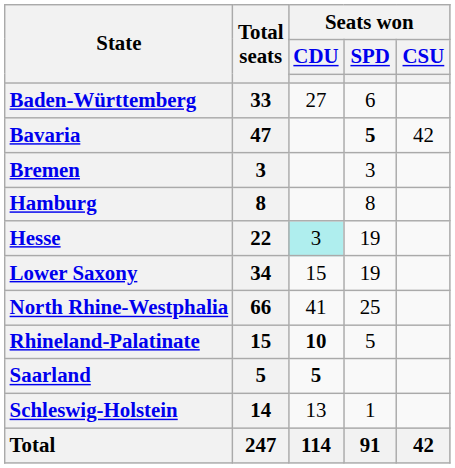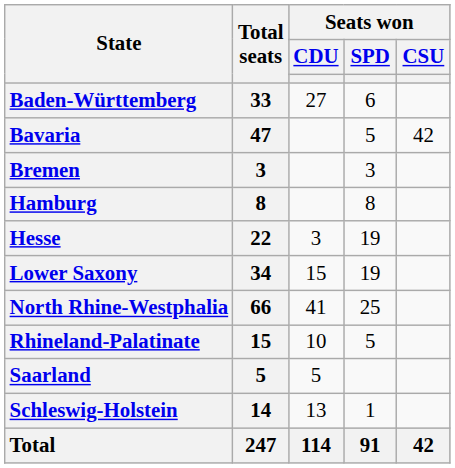 <table class="wikitable" style="text-align:center; font-size: 0.9em;">
 <tr>
 <th rowspan="3">State</th>
 <th rowspan="3">Total<br>seats</th>
 <th colspan="3">Seats won</th>
 </tr>
 <tr>
 <th class="unsortable" style="width:30px;"><a href='#'>CDU</a></th>
 <th class="unsortable" style="width:30px;"><a href='#'>SPD</a></th>
 <th class="unsortable" style="width:30px;"><a href='#'>CSU</a></th>
 </tr>
 <tr>
 <th style="background:"></th>
 <th style="background:"></th>
 <th style="background:"></th>
 </tr>
 <tr>
 <th style="text-align: left;"><a href='#'>Baden-Württemberg</a></th>
 <th>33</th>
 <td>27</td>
 <td>6</td>
 <td></td>
 </tr>
 <tr>
 <th style="text-align: left;"><a href='#'>Bavaria</a></th>
 <th>47</th>
 <td></td>
-<td><strong>5</strong></td>
+<td>5</td>
 <td>42</td>
 </tr>
 <tr>
 <th style="text-align: left;"><a href='#'>Bremen</a></th>
 <th>3</th>
 <td></td>
 <td>3</td>
 <td></td>
 </tr>
 <tr>
 <th style="text-align: left;"><a href='#'>Hamburg</a></th>
 <th>8</th>
 <td></td>
 <td>8</td>
 <td></td>
 </tr>
 <tr>
 <th style="text-align: left;"><a href='#'>Hesse</a></th>
 <th>22</th>
-<td style="background: paleturquoise;">3</td>
+<td>3</td>
 <td>19</td>
 <td></td>
 </tr>
 <tr>
 <th style="text-align: left;"><a href='#'>Lower Saxony</a></th>
 <th>34</th>
 <td>15</td>
 <td>19</td>
 <td></td>
 </tr>
 <tr>
 <th style="text-align: left;"><a href='#'>North Rhine-Westphalia</a></th>
 <th>66</th>
 <td>41</td>
 <td>25</td>
 <td></td>
 </tr>
 <tr>
 <th style="text-align: left;"><a href='#'>Rhineland-Palatinate</a></th>
 <th>15</th>
-<td><strong>10</strong></td>
+<td>10</td>
 <td>5</td>
 <td></td>
 </tr>
 <tr>
 <th style="text-align: left;"><a href='#'>Saarland</a></th>
 <th>5</th>
-<td><strong>5</strong></td>
+<td>5</td>
 <td></td>
 <td></td>
 </tr>
 <tr>
 <th style="text-align: left;"><a href='#'>Schleswig-Holstein</a></th>
 <th>14</th>
 <td>13</td>
 <td>1</td>
 <td></td>
 </tr>
 <tr class="sortbottom">
 <th style="text-align: left;">Total</th>
 <th>247</th>
 <th>114</th>
 <th>91</th>
 <th>42</th>
 </tr>
 </table>
